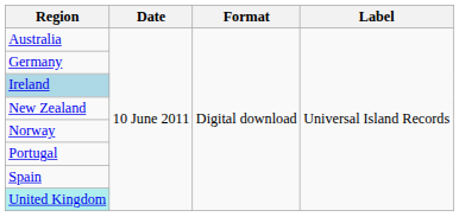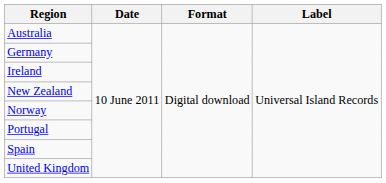 <table class=wikitable>
 <tr>
 <th>Region</th>
 <th>Date</th>
 <th>Format</th>
 <th>Label</th>
 </tr>
 <tr>
 <td><a href='#'>Australia</a></td>
 <td rowspan = "8">10 June 2011</td>
 <td rowspan = "8">Digital download</td>
 <td rowspan = "8">Universal Island Records</td>
 </tr>
 <tr>
 <td><a href='#'>Germany</a></td>
 </tr>
 <tr>
-<td style="background: lightblue;"><a href='#'>Ireland</a></td>
+<td><a href='#'>Ireland</a></td>
 </tr>
 <tr>
 <td><a href='#'>New Zealand</a></td>
 </tr>
 <tr>
 <td><a href='#'>Norway</a></td>
 </tr>
 <tr>
 <td><a href='#'>Portugal</a></td>
 </tr>
 <tr>
 <td><a href='#'>Spain</a></td>
 </tr>
 <tr>
-<td style="background: paleturquoise;"><a href='#'>United Kingdom</a></td>
+<td><a href='#'>United Kingdom</a></td>
 </tr>
 </table>
